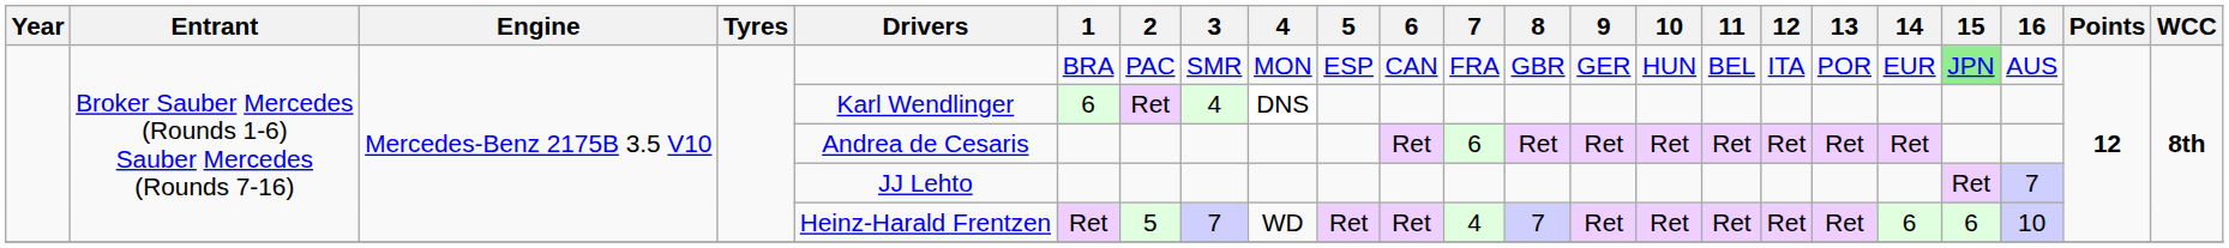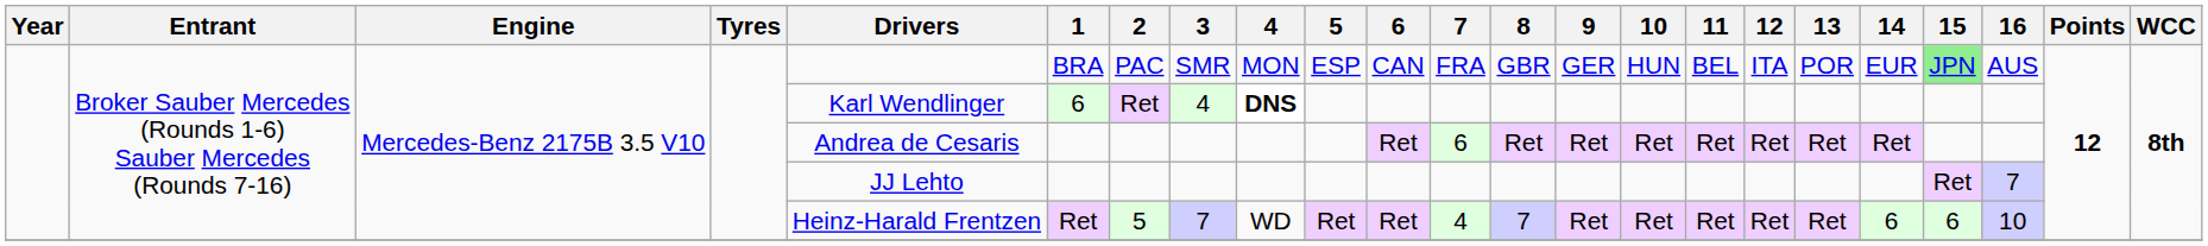 <table class="wikitable" style="text-align:center; font-size:95%">
 <tr>
 <th>Year</th>
 <th>Entrant</th>
 <th>Engine</th>
 <th>Tyres</th>
 <th>Drivers</th>
 <th>1</th>
 <th>2</th>
 <th>3</th>
 <th>4</th>
 <th>5</th>
 <th>6</th>
 <th>7</th>
 <th>8</th>
 <th>9</th>
 <th>10</th>
 <th>11</th>
 <th>12</th>
 <th>13</th>
 <th>14</th>
 <th>15</th>
 <th>16</th>
 <th>Points</th>
 <th>WCC</th>
 </tr>
 <tr>
 <td rowspan="5"></td>
 <td rowspan="5"><a href='#'>Broker Sauber</a> <a href='#'>Mercedes</a><br>(Rounds 1-6)<br><a href='#'>Sauber</a> <a href='#'>Mercedes</a><br>(Rounds 7-16)</td>
 <td rowspan="5"><a href='#'>Mercedes-Benz 2175B</a> 3.5 <a href='#'>V10</a></td>
 <td rowspan="5"></td>
 <td></td>
 <td><a href='#'>BRA</a></td>
 <td><a href='#'>PAC</a></td>
 <td><a href='#'>SMR</a></td>
 <td><a href='#'>MON</a></td>
 <td><a href='#'>ESP</a></td>
 <td><a href='#'>CAN</a></td>
 <td><a href='#'>FRA</a></td>
 <td><a href='#'>GBR</a></td>
 <td><a href='#'>GER</a></td>
 <td><a href='#'>HUN</a></td>
 <td><a href='#'>BEL</a></td>
 <td><a href='#'>ITA</a></td>
 <td><a href='#'>POR</a></td>
 <td><a href='#'>EUR</a></td>
 <td style="background: lightgreen;"><a href='#'>JPN</a></td>
 <td><a href='#'>AUS</a></td>
 <td rowspan="5"><strong>12</strong></td>
 <td rowspan="5"><strong>8th</strong></td>
 </tr>
 <tr>
 <td> <a href='#'>Karl Wendlinger</a></td>
 <td style="background:#dfffdf;">6</td>
 <td style="background:#efcfff;">Ret</td>
 <td style="background:#dfffdf;">4</td>
-<td style="background:white;">DNS</td>
+<td style="background:white;"><strong>DNS</strong></td>
 <td></td>
 <td></td>
 <td></td>
 <td></td>
 <td></td>
 <td></td>
 <td></td>
 <td></td>
 <td></td>
 <td></td>
 <td></td>
 <td></td>
 </tr>
 <tr>
 <td> <a href='#'>Andrea de Cesaris</a></td>
 <td></td>
 <td></td>
 <td></td>
 <td></td>
 <td></td>
 <td style="background:#EFCFFF;">Ret</td>
 <td style="background:#DFFFDF;">6</td>
 <td style="background:#EFCFFF;">Ret</td>
 <td style="background:#EFCFFF;">Ret</td>
 <td style="background:#EFCFFF;">Ret</td>
 <td style="background:#EFCFFF;">Ret</td>
 <td style="background:#EFCFFF;">Ret</td>
 <td style="background:#EFCFFF;">Ret</td>
 <td style="background:#EFCFFF;">Ret</td>
 <td></td>
 <td></td>
 </tr>
 <tr>
 <td> <a href='#'>JJ Lehto</a></td>
 <td></td>
 <td></td>
 <td></td>
 <td></td>
 <td></td>
 <td></td>
 <td></td>
 <td></td>
 <td></td>
 <td></td>
 <td></td>
 <td></td>
 <td></td>
 <td></td>
 <td style="background:#efcfff;">Ret</td>
 <td style="background:#cfcfff;">7</td>
 </tr>
 <tr>
 <td> <a href='#'>Heinz-Harald Frentzen</a></td>
 <td style="background:#efcfff;">Ret</td>
 <td style="background:#dfffdf;">5</td>
 <td style="background:#cfcfff;">7</td>
 <td>WD</td>
 <td style="background:#efcfff;">Ret</td>
 <td style="background:#efcfff;">Ret</td>
 <td style="background:#dfffdf;">4</td>
 <td style="background:#cfcfff;">7</td>
 <td style="background:#efcfff;">Ret</td>
 <td style="background:#efcfff;">Ret</td>
 <td style="background:#efcfff;">Ret</td>
 <td style="background:#efcfff;">Ret</td>
 <td style="background:#efcfff;">Ret</td>
 <td style="background:#dfffdf;">6</td>
 <td style="background:#dfffdf;">6</td>
 <td style="background:#cfcfff;">10</td>
 </tr>
 <tr>
 </tr>
 </table>
